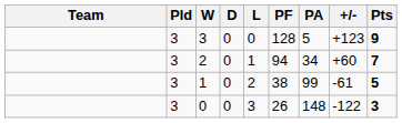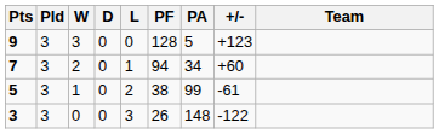 <table class="wikitable">
 <tr>
-<th width="175">Team</th>
+<th width="20">Pts</th>
 <th width="20">Pld</th>
 <th width="20">W</th>
 <th width="20">D</th>
 <th width="20">L</th>
 <th width="20">PF</th>
 <th width="20">PA</th>
 <th width="24">+/-</th>
-<th width="20">Pts</th>
+<th width="175">Team</th>
 </tr>
 <tr>
-<td align=left></td>
+<td><strong>9</strong></td>
 <td>3</td>
 <td>3</td>
 <td>0</td>
 <td>0</td>
 <td>128</td>
 <td>5</td>
 <td>+123</td>
-<td><strong>9</strong></td>
+<td align=left></td>
 </tr>
 <tr>
-<td align=left></td>
+<td><strong>7</strong></td>
 <td>3</td>
 <td>2</td>
 <td>0</td>
 <td>1</td>
 <td>94</td>
 <td>34</td>
 <td>+60</td>
-<td><strong>7</strong></td>
+<td align=left></td>
 </tr>
 <tr>
-<td align=left></td>
+<td><strong>5</strong></td>
 <td>3</td>
 <td>1</td>
 <td>0</td>
 <td>2</td>
 <td>38</td>
 <td>99</td>
 <td>-61</td>
-<td><strong>5</strong></td>
+<td align=left></td>
 </tr>
 <tr>
-<td align=left></td>
+<td><strong>3</strong></td>
 <td>3</td>
 <td>0</td>
 <td>0</td>
 <td>3</td>
 <td>26</td>
 <td>148</td>
 <td>-122</td>
-<td><strong>3</strong></td>
+<td align=left></td>
 </tr>
 </table>
